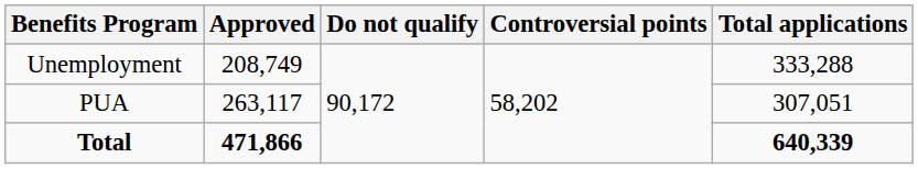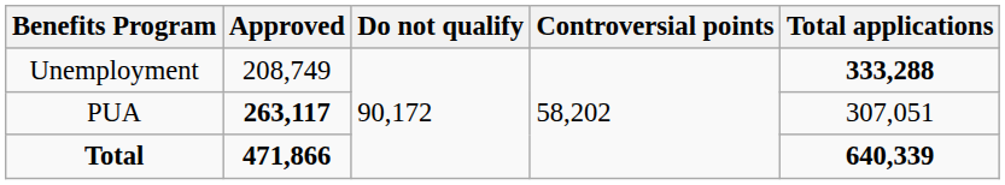 <table class="wikitable">
 <tr>
 <th>Benefits Program</th>
 <th>Approved</th>
 <th>Do not qualify</th>
 <th>Controversial points</th>
 <th>Total applications</th>
 </tr>
 <tr>
 <td align="center">Unemployment</td>
 <td align="center">208,749</td>
 <td rowspan="3">90,172</td>
 <td rowspan="3">58,202</td>
-<td align="center">333,288</td>
+<td align="center"><strong>333,288</strong></td>
 </tr>
 <tr>
 <td align="center">PUA</td>
-<td align="center">263,117</td>
+<td align="center"><strong>263,117</strong></td>
 <td align="center">307,051</td>
 </tr>
 <tr>
 <td align="center"><strong>Total</strong></td>
 <td align="center"><strong>471,866</strong></td>
 <td align="center"><strong>640,339</strong></td>
 </tr>
 </table>
